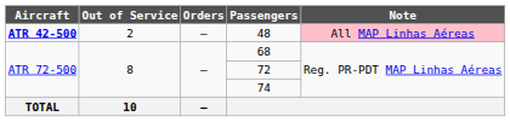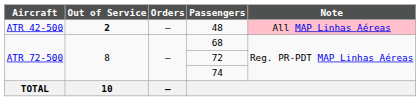 <table class="wikitable" style="text-align:center; margin:0.5em auto">
 <tr>
 <th style="background:#4f5050; color:white;">Aircraft</th>
 <th style="background:#4f5050; color:white;">Out of Service</th>
 <th style="background:#4f5050; color:white;">Orders</th>
 <th style="background:#4f5050; color:white;">Passengers</th>
 <th style="background:#4f5050; color:white;">Note</th>
 </tr>
 <tr>
-<td><strong><a href='#'>ATR 42-500</a></strong></td>
-<td>2</td>
+<td><a href='#'>ATR 42-500</a></td>
+<td><strong>2</strong></td>
 <td>—</td>
 <td>48</td>
 <td style="background: pink;">All  <a href='#'>MAP Linhas Aéreas</a></td>
 </tr>
 <tr>
 <td rowspan="3"><a href='#'>ATR 72-500</a></td>
 <td rowspan="3">8</td>
 <td rowspan="3">—</td>
 <td>68</td>
 <td rowspan="3">Reg. PR-PDT  <a href='#'>MAP Linhas Aéreas</a></td>
 </tr>
 <tr>
 <td>72</td>
 </tr>
 <tr>
 <td>74</td>
 </tr>
 <tr>
 <th>TOTAL</th>
 <th>10</th>
 <th>—</th>
 <th colspan="3"></th>
 </tr>
 </table>
